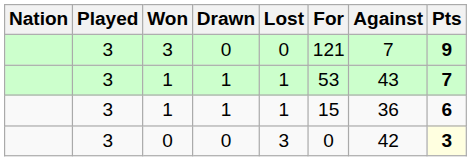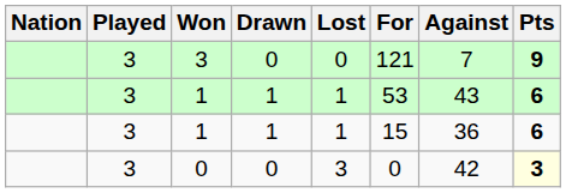 <table class="wikitable" style="text-align: center;">
 <tr>
 <th>Nation</th>
 <th>Played</th>
 <th>Won</th>
 <th>Drawn</th>
 <th>Lost</th>
 <th>For</th>
 <th>Against</th>
 <th>Pts</th>
 </tr>
 <tr bgcolor="ccffcc">
 <td align="left"></td>
 <td>3</td>
 <td>3</td>
 <td>0</td>
 <td>0</td>
 <td>121</td>
 <td>7</td>
 <td><strong>9</strong></td>
 </tr>
 <tr bgcolor="ccffcc">
 <td align="left"></td>
 <td>3</td>
 <td>1</td>
 <td>1</td>
 <td>1</td>
 <td>53</td>
 <td>43</td>
-<td><strong>7</strong></td>
+<td><strong>6</strong></td>
 </tr>
 <tr>
 <td align="left"></td>
 <td>3</td>
 <td>1</td>
 <td>1</td>
 <td>1</td>
 <td>15</td>
 <td>36</td>
 <td><strong>6</strong></td>
 </tr>
 <tr>
 <td align="left"></td>
 <td>3</td>
 <td>0</td>
 <td>0</td>
 <td>3</td>
 <td>0</td>
 <td>42</td>
 <td style="background: lightyellow;"><strong>3</strong></td>
 </tr>
 </table>
